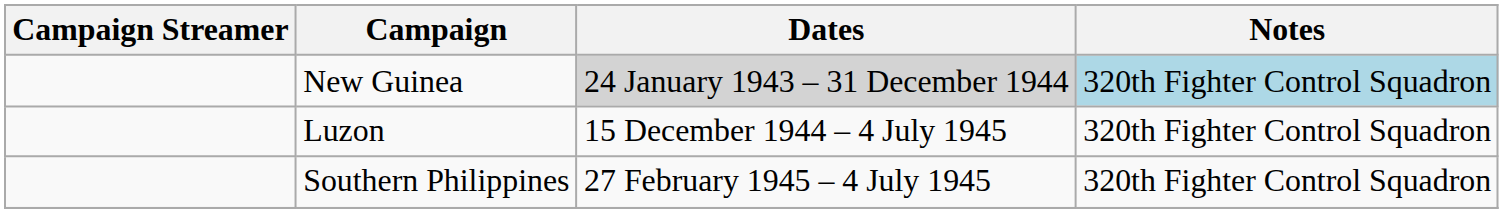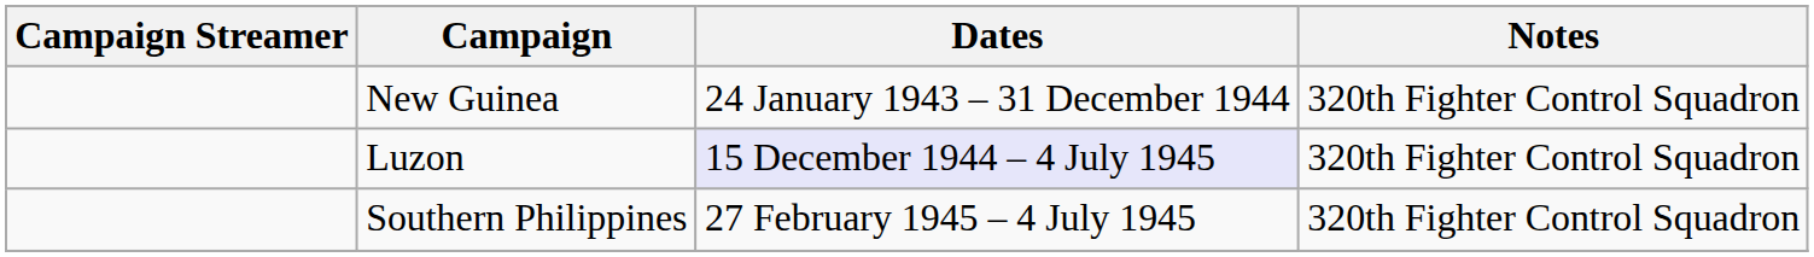 <table class="wikitable">
 <tr>
 <th>Campaign Streamer</th>
 <th>Campaign</th>
 <th>Dates</th>
 <th>Notes</th>
 </tr>
 <tr>
 <td></td>
 <td>New Guinea</td>
-<td style="background: lightgrey;">24 January 1943 – 31 December 1944</td>
-<td style="background: lightblue;">320th Fighter Control Squadron</td>
+<td>24 January 1943 – 31 December 1944</td>
+<td>320th Fighter Control Squadron</td>
 </tr>
 <tr>
 <td></td>
 <td>Luzon</td>
-<td>15 December 1944 – 4 July 1945</td>
+<td style="background: lavender;">15 December 1944 – 4 July 1945</td>
 <td>320th Fighter Control Squadron</td>
 </tr>
 <tr>
 <td></td>
 <td>Southern Philippines</td>
 <td>27 February 1945 – 4 July 1945</td>
 <td>320th Fighter Control Squadron</td>
 </tr>
 <tr>
 </tr>
 </table>
